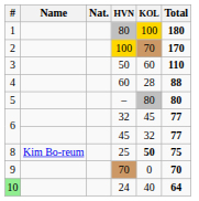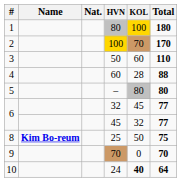 <table class="wikitable sortable" style="text-align:center;">
 <tr>
 <th>#</th>
 <th>Name</th>
 <th>Nat.</th>
 <th><small>HVN</small></th>
 <th><small>KOL</small></th>
 <th>Total</th>
 </tr>
 <tr>
 <td>1</td>
 <td align=left></td>
 <td></td>
 <td bgcolor="silver">80</td>
 <td bgcolor="gold">100</td>
 <td><strong>180</strong></td>
 </tr>
 <tr>
 <td>2</td>
 <td align=left></td>
 <td></td>
 <td bgcolor="gold">100</td>
 <td bgcolor=CC9966>70</td>
 <td><strong>170</strong></td>
 </tr>
 <tr>
 <td>3</td>
 <td align=left></td>
 <td></td>
 <td>50</td>
 <td>60</td>
 <td><strong>110</strong></td>
 </tr>
 <tr>
 <td>4</td>
 <td align=left></td>
 <td></td>
 <td>60</td>
 <td>28</td>
 <td><strong>88</strong></td>
 </tr>
 <tr>
 <td>5</td>
 <td align=left></td>
 <td></td>
 <td>–</td>
 <td bgcolor="silver">80</td>
 <td><strong>80</strong></td>
 </tr>
 <tr>
 <td rowspan=2>6</td>
 <td align=left></td>
 <td></td>
 <td>32</td>
 <td>45</td>
 <td><strong>77</strong></td>
 </tr>
 <tr>
 <td align=left></td>
 <td></td>
 <td>45</td>
 <td>32</td>
 <td><strong>77</strong></td>
 </tr>
 <tr>
 <td>8</td>
-<td align=left><a href='#'>Kim Bo-reum</a></td>
+<td align=left><strong><a href='#'>Kim Bo-reum</a></strong></td>
 <td></td>
 <td>25</td>
-<td><strong>50</strong></td>
+<td>50</td>
 <td><strong>75</strong></td>
 </tr>
 <tr>
 <td>9</td>
 <td align=left></td>
 <td></td>
 <td bgcolor=CC9966>70</td>
 <td>0</td>
 <td><strong>70</strong></td>
 </tr>
 <tr>
-<td style="background: lightgreen;">10</td>
+<td>10</td>
 <td align=left></td>
 <td></td>
 <td>24</td>
-<td>40</td>
+<td><strong>40</strong></td>
 <td><strong>64</strong></td>
 </tr>
 </table>
